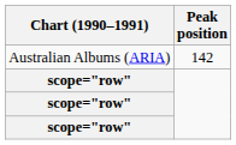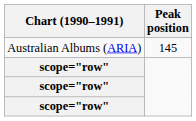 <table class="wikitable plainrowheaders sortable">
 <tr>
 <th scope="col">Chart (1990–1991)</th>
 <th scope="col">Peak<br>position</th>
 </tr>
 <tr>
 <td>Australian Albums (<a href='#'>ARIA</a>)</td>
-<td style="text-align:center;">142</td>
+<td style="text-align:center;">145</td>
 </tr>
 <tr>
 <th>scope="row" </th>
 </tr>
 <tr>
 <th>scope="row" </th>
 </tr>
 <tr>
 <th>scope="row" </th>
 </tr>
 </table>
